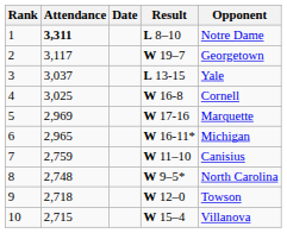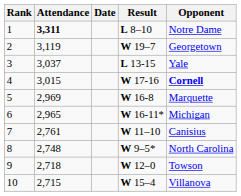 <table class="wikitable">
 <tr>
 <th>Rank</th>
 <th>Attendance</th>
 <th>Date</th>
 <th>Result</th>
 <th>Opponent</th>
 </tr>
 <tr>
 <td>1</td>
 <td><strong>3,311</strong></td>
 <td></td>
 <td><strong>L</strong> 8–10</td>
 <td><a href='#'>Notre Dame</a></td>
 </tr>
 <tr>
 <td>2</td>
-<td>3,117</td>
+<td>3,119</td>
 <td></td>
 <td><strong>W</strong> 19–7</td>
 <td><a href='#'>Georgetown</a></td>
 </tr>
 <tr>
 <td>3</td>
 <td>3,037</td>
 <td></td>
 <td><strong>L</strong> 13-15</td>
 <td><a href='#'>Yale</a></td>
 </tr>
 <tr>
 <td>4</td>
-<td>3,025</td>
+<td>3,015</td>
 <td></td>
-<td><strong>W</strong> 16-8</td>
-<td><a href='#'>Cornell</a></td>
+<td><strong>W</strong> 17-16</td>
+<td><strong><a href='#'>Cornell</a></strong></td>
 </tr>
 <tr>
 <td>5</td>
 <td>2,969</td>
 <td></td>
-<td><strong>W</strong> 17-16</td>
+<td><strong>W</strong> 16-8</td>
 <td><a href='#'>Marquette</a></td>
 </tr>
 <tr>
 <td>6</td>
 <td>2,965</td>
 <td></td>
 <td><strong>W</strong> 16-11*</td>
 <td><a href='#'>Michigan</a></td>
 </tr>
 <tr>
 <td>7</td>
-<td>2,759</td>
+<td>2,761</td>
 <td></td>
 <td><strong>W</strong> 11–10</td>
 <td><a href='#'>Canisius</a></td>
 </tr>
 <tr>
 <td>8</td>
 <td>2,748</td>
 <td></td>
 <td><strong>W</strong> 9–5*</td>
 <td><a href='#'>North Carolina</a></td>
 </tr>
 <tr>
 <td>9</td>
 <td>2,718</td>
 <td></td>
 <td><strong>W</strong> 12–0</td>
 <td><a href='#'>Towson</a></td>
 </tr>
 <tr>
 <td>10</td>
 <td>2,715</td>
 <td></td>
 <td><strong>W</strong> 15–4</td>
 <td><a href='#'>Villanova</a></td>
 </tr>
 </table>
